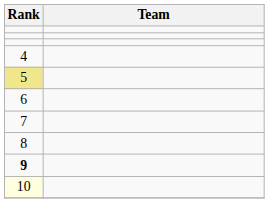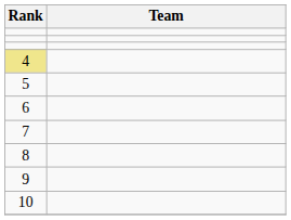 <table class="wikitable" style="text-align: center;">
 <tr>
 <th width=>Rank</th>
 <th width=250>Team</th>
 </tr>
 <tr>
 <td></td>
 <td align="left"></td>
 </tr>
 <tr>
 <td></td>
 <td align="left"></td>
 </tr>
 <tr>
 <td></td>
 <td align="left"></td>
 </tr>
 <tr>
-<td>4</td>
+<td style="background: khaki;">4</td>
 <td align="left"></td>
 </tr>
 <tr>
-<td style="background: khaki;">5</td>
+<td>5</td>
 <td align="left"></td>
 </tr>
 <tr>
 <td>6</td>
 <td align="left"></td>
 </tr>
 <tr>
 <td>7</td>
 <td align="left"></td>
 </tr>
 <tr>
 <td>8</td>
 <td align="left"></td>
 </tr>
 <tr>
-<td><strong>9</strong></td>
+<td>9</td>
 <td align="left"></td>
 </tr>
 <tr>
-<td style="background: lightyellow;">10</td>
+<td>10</td>
 <td align="left"></td>
 </tr>
 <tr>
 </tr>
 </table>
